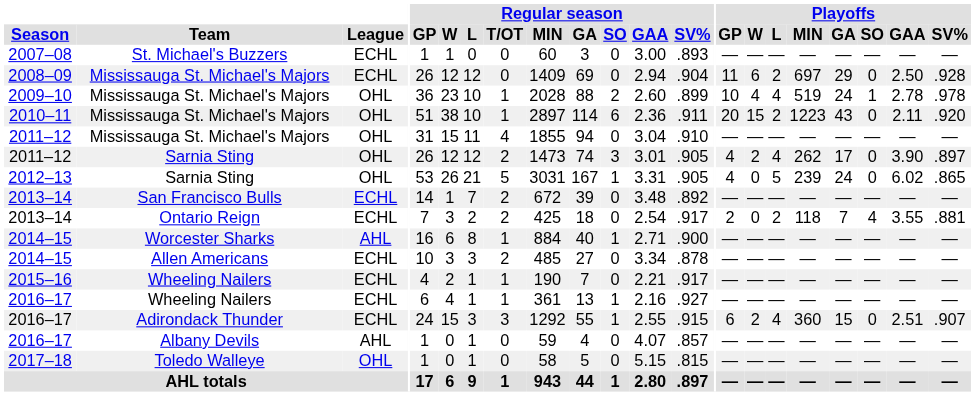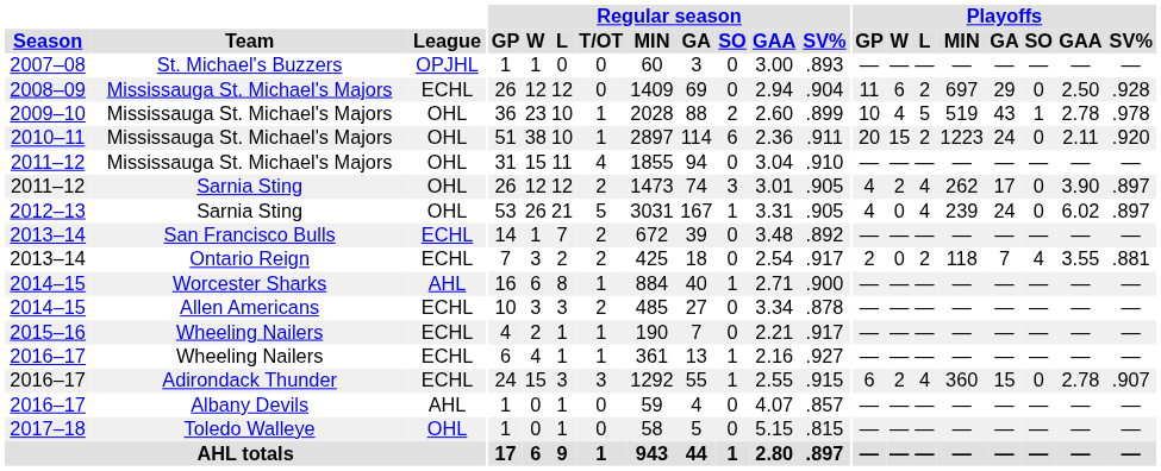 <table border="0" cellpadding="1" cellspacing="0" style="text-align:center; width:75%">
 <tr ALIGN="center" bgcolor="#e0e0e0">
 <th align="center" colspan="3" bgcolor="#ffffff"></th>
 <th align="center" rowspan="99" bgcolor="#ffffff"></th>
 <th align="center" colspan="9" bgcolor="#e0e0e0"><a href='#'>Regular season</a></th>
 <th align="center" rowspan="99" bgcolor="#ffffff"></th>
 <th align="center" colspan="8" bgcolor="#e0e0e0"><a href='#'>Playoffs</a></th>
 </tr>
 <tr ALIGN="center" bgcolor="#e0e0e0">
 <th><a href='#'>Season</a></th>
 <th>Team</th>
 <th>League</th>
 <th>GP</th>
 <th>W</th>
 <th>L</th>
 <th>T/OT</th>
 <th>MIN</th>
 <th>GA</th>
 <th><a href='#'>SO</a></th>
 <th><a href='#'>GAA</a></th>
 <th><a href='#'>SV%</a></th>
 <th>GP</th>
 <th>W</th>
 <th>L</th>
 <th>MIN</th>
 <th>GA</th>
 <th>SO</th>
 <th>GAA</th>
 <th>SV%</th>
 </tr>
 <tr style="text-align:center;">
 <td><a href='#'>2007–08</a></td>
 <td><a href='#'>St. Michael's Buzzers</a></td>
-<td>ECHL</td>
+<td><a href='#'>OPJHL</a></td>
 <td>1</td>
 <td>1</td>
 <td>0</td>
 <td>0</td>
 <td>60</td>
 <td>3</td>
 <td>0</td>
 <td>3.00</td>
 <td>.893</td>
 <td>—</td>
 <td>—</td>
 <td>—</td>
 <td>—</td>
 <td>—</td>
 <td>—</td>
 <td>—</td>
 <td>—</td>
 </tr>
 <tr style="text-align:center; background:#f0f0f0;">
 <td><a href='#'>2008–09</a></td>
 <td><a href='#'>Mississauga St. Michael's Majors</a></td>
 <td>ECHL</td>
 <td>26</td>
 <td>12</td>
 <td>12</td>
 <td>0</td>
 <td>1409</td>
 <td>69</td>
 <td>0</td>
 <td>2.94</td>
 <td>.904</td>
 <td>11</td>
 <td>6</td>
 <td>2</td>
 <td>697</td>
 <td>29</td>
 <td>0</td>
 <td>2.50</td>
 <td>.928</td>
 </tr>
 <tr style="text-align:center;">
 <td><a href='#'>2009–10</a></td>
 <td>Mississauga St. Michael's Majors</td>
 <td>OHL</td>
 <td>36</td>
 <td>23</td>
 <td>10</td>
 <td>1</td>
 <td>2028</td>
 <td>88</td>
 <td>2</td>
 <td>2.60</td>
 <td>.899</td>
 <td>10</td>
 <td>4</td>
-<td>4</td>
+<td>5</td>
 <td>519</td>
-<td>24</td>
+<td>43</td>
 <td>1</td>
 <td>2.78</td>
 <td>.978</td>
 </tr>
 <tr style="text-align:center; background:#f0f0f0;">
 <td><a href='#'>2010–11</a></td>
 <td>Mississauga St. Michael's Majors</td>
 <td>OHL</td>
 <td>51</td>
 <td>38</td>
 <td>10</td>
 <td>1</td>
 <td>2897</td>
 <td>114</td>
 <td>6</td>
 <td>2.36</td>
 <td>.911</td>
 <td>20</td>
 <td>15</td>
 <td>2</td>
 <td>1223</td>
-<td>43</td>
+<td>24</td>
 <td>0</td>
 <td>2.11</td>
 <td>.920</td>
 </tr>
 <tr style="text-align:center;">
 <td><a href='#'>2011–12</a></td>
 <td>Mississauga St. Michael's Majors</td>
 <td>OHL</td>
 <td>31</td>
 <td>15</td>
 <td>11</td>
 <td>4</td>
 <td>1855</td>
 <td>94</td>
 <td>0</td>
 <td>3.04</td>
 <td>.910</td>
 <td>—</td>
 <td>—</td>
 <td>—</td>
 <td>—</td>
 <td>—</td>
 <td>—</td>
 <td>—</td>
 <td>—</td>
 </tr>
 <tr style="text-align:center; background:#f0f0f0;">
 <td>2011–12</td>
 <td><a href='#'>Sarnia Sting</a></td>
 <td>OHL</td>
 <td>26</td>
 <td>12</td>
 <td>12</td>
 <td>2</td>
 <td>1473</td>
 <td>74</td>
 <td>3</td>
 <td>3.01</td>
 <td>.905</td>
 <td>4</td>
 <td>2</td>
 <td>4</td>
 <td>262</td>
 <td>17</td>
 <td>0</td>
 <td>3.90</td>
 <td>.897</td>
 </tr>
 <tr style="text-align:center;">
 <td><a href='#'>2012–13</a></td>
 <td>Sarnia Sting</td>
 <td>OHL</td>
 <td>53</td>
 <td>26</td>
 <td>21</td>
 <td>5</td>
 <td>3031</td>
 <td>167</td>
 <td>1</td>
 <td>3.31</td>
 <td>.905</td>
 <td>4</td>
 <td>0</td>
-<td>5</td>
+<td>4</td>
 <td>239</td>
 <td>24</td>
 <td>0</td>
 <td>6.02</td>
-<td>.865</td>
+<td>.897</td>
 </tr>
 <tr style="text-align:center; background:#f0f0f0;">
 <td><a href='#'>2013–14</a></td>
 <td><a href='#'>San Francisco Bulls</a></td>
 <td><a href='#'>ECHL</a></td>
 <td>14</td>
 <td>1</td>
 <td>7</td>
 <td>2</td>
 <td>672</td>
 <td>39</td>
 <td>0</td>
 <td>3.48</td>
 <td>.892</td>
 <td>—</td>
 <td>—</td>
 <td>—</td>
 <td>—</td>
 <td>—</td>
 <td>—</td>
 <td>—</td>
 <td>—</td>
 </tr>
 <tr style="text-align:center;">
 <td>2013–14</td>
 <td><a href='#'>Ontario Reign</a></td>
 <td>ECHL</td>
 <td>7</td>
 <td>3</td>
 <td>2</td>
 <td>2</td>
 <td>425</td>
 <td>18</td>
 <td>0</td>
 <td>2.54</td>
 <td>.917</td>
 <td>2</td>
 <td>0</td>
 <td>2</td>
 <td>118</td>
 <td>7</td>
 <td>4</td>
 <td>3.55</td>
 <td>.881</td>
 </tr>
 <tr style="text-align:center; background:#f0f0f0;">
 <td><a href='#'>2014–15</a></td>
 <td><a href='#'>Worcester Sharks</a></td>
 <td><a href='#'>AHL</a></td>
 <td>16</td>
 <td>6</td>
 <td>8</td>
 <td>1</td>
 <td>884</td>
 <td>40</td>
 <td>1</td>
 <td>2.71</td>
 <td>.900</td>
 <td>—</td>
 <td>—</td>
 <td>—</td>
 <td>—</td>
 <td>—</td>
 <td>—</td>
 <td>—</td>
 <td>—</td>
 </tr>
 <tr style="text-align:center;">
 <td><a href='#'>2014–15</a></td>
 <td><a href='#'>Allen Americans</a></td>
 <td>ECHL</td>
 <td>10</td>
 <td>3</td>
 <td>3</td>
 <td>2</td>
 <td>485</td>
 <td>27</td>
 <td>0</td>
 <td>3.34</td>
 <td>.878</td>
 <td>—</td>
 <td>—</td>
 <td>—</td>
 <td>—</td>
 <td>—</td>
 <td>—</td>
 <td>—</td>
 <td>—</td>
 </tr>
 <tr style="text-align:center; background:#f0f0f0;">
 <td><a href='#'>2015–16</a></td>
 <td><a href='#'>Wheeling Nailers</a></td>
 <td>ECHL</td>
 <td>4</td>
 <td>2</td>
 <td>1</td>
 <td>1</td>
 <td>190</td>
 <td>7</td>
 <td>0</td>
 <td>2.21</td>
 <td>.917</td>
 <td>—</td>
 <td>—</td>
 <td>—</td>
 <td>—</td>
 <td>—</td>
 <td>—</td>
 <td>—</td>
 <td>—</td>
 </tr>
 <tr style="text-align:center;">
 <td><a href='#'>2016–17</a></td>
 <td>Wheeling Nailers</td>
 <td>ECHL</td>
 <td>6</td>
 <td>4</td>
 <td>1</td>
 <td>1</td>
 <td>361</td>
 <td>13</td>
 <td>1</td>
 <td>2.16</td>
 <td>.927</td>
 <td>—</td>
 <td>—</td>
 <td>—</td>
 <td>—</td>
 <td>—</td>
 <td>—</td>
 <td>—</td>
 <td>—</td>
 </tr>
 <tr style="text-align:center; background:#f0f0f0;">
 <td>2016–17</td>
 <td><a href='#'>Adirondack Thunder</a></td>
 <td>ECHL</td>
 <td>24</td>
 <td>15</td>
 <td>3</td>
 <td>3</td>
 <td>1292</td>
 <td>55</td>
 <td>1</td>
 <td>2.55</td>
 <td>.915</td>
 <td>6</td>
 <td>2</td>
 <td>4</td>
 <td>360</td>
 <td>15</td>
 <td>0</td>
-<td>2.51</td>
+<td>2.78</td>
 <td>.907</td>
 </tr>
 <tr style="text-align:center;">
 <td><a href='#'>2016–17</a></td>
 <td><a href='#'>Albany Devils</a></td>
 <td>AHL</td>
 <td>1</td>
 <td>0</td>
 <td>1</td>
 <td>0</td>
 <td>59</td>
 <td>4</td>
 <td>0</td>
 <td>4.07</td>
 <td>.857</td>
 <td>—</td>
 <td>—</td>
 <td>—</td>
 <td>—</td>
 <td>—</td>
 <td>—</td>
 <td>—</td>
 <td>—</td>
 </tr>
 <tr style="text-align:center; background:#f0f0f0;">
 <td><a href='#'>2017–18</a></td>
 <td><a href='#'>Toledo Walleye</a></td>
 <td><a href='#'>OHL</a></td>
 <td>1</td>
 <td>0</td>
 <td>1</td>
 <td>0</td>
 <td>58</td>
 <td>5</td>
 <td>0</td>
 <td>5.15</td>
 <td>.815</td>
 <td>—</td>
 <td>—</td>
 <td>—</td>
 <td>—</td>
 <td>—</td>
 <td>—</td>
 <td>—</td>
 <td>—</td>
 </tr>
 <tr style="text-align:center; background:#e0e0e0;">
 <th colspan="3" style="text-align:center;">AHL totals</th>
 <th>17</th>
 <th>6</th>
 <th>9</th>
 <th>1</th>
 <th>943</th>
 <th>44</th>
 <th>1</th>
 <th>2.80</th>
 <th>.897</th>
 <th>—</th>
 <th>—</th>
 <th>—</th>
 <th>—</th>
 <th>—</th>
 <th>—</th>
 <th>—</th>
 <th>—</th>
 </tr>
 </table>
